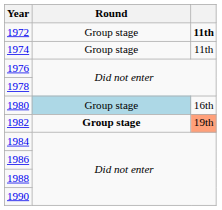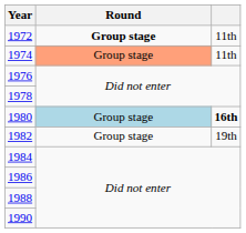 <table class="wikitable" style="text-align: center; font-size:90%">
 <tr>
 <th>Year</th>
 <th style="width:200px">Round</th>
 <th></th>
 </tr>
 <tr>
 <td><a href='#'>1972</a></td>
-<td>Group stage</td>
-<td><strong>11th</strong></td>
+<td><strong>Group stage</strong></td>
+<td>11th</td>
 </tr>
 <tr>
 <td><a href='#'>1974</a></td>
-<td>Group stage</td>
+<td style="background: lightsalmon;">Group stage</td>
 <td>11th</td>
 </tr>
 <tr>
 <td><a href='#'>1976</a></td>
 <td colspan="2" rowspan="2"><em>Did not enter</em></td>
 </tr>
 <tr>
 <td><a href='#'>1978</a></td>
 </tr>
 <tr>
 <td><a href='#'>1980</a></td>
 <td style="background: lightblue;">Group stage</td>
-<td>16th</td>
+<td><strong>16th</strong></td>
 </tr>
 <tr>
 <td><a href='#'>1982</a></td>
-<td><strong>Group stage</strong></td>
-<td style="background: lightsalmon;">19th</td>
+<td>Group stage</td>
+<td>19th</td>
 </tr>
 <tr>
 <td><a href='#'>1984</a></td>
 <td colspan="2" rowspan="4"><em>Did not enter</em></td>
 </tr>
 <tr>
 <td><a href='#'>1986</a></td>
 </tr>
 <tr>
 <td><a href='#'>1988</a></td>
 </tr>
 <tr>
 <td><a href='#'>1990</a></td>
 </tr>
 </table>
